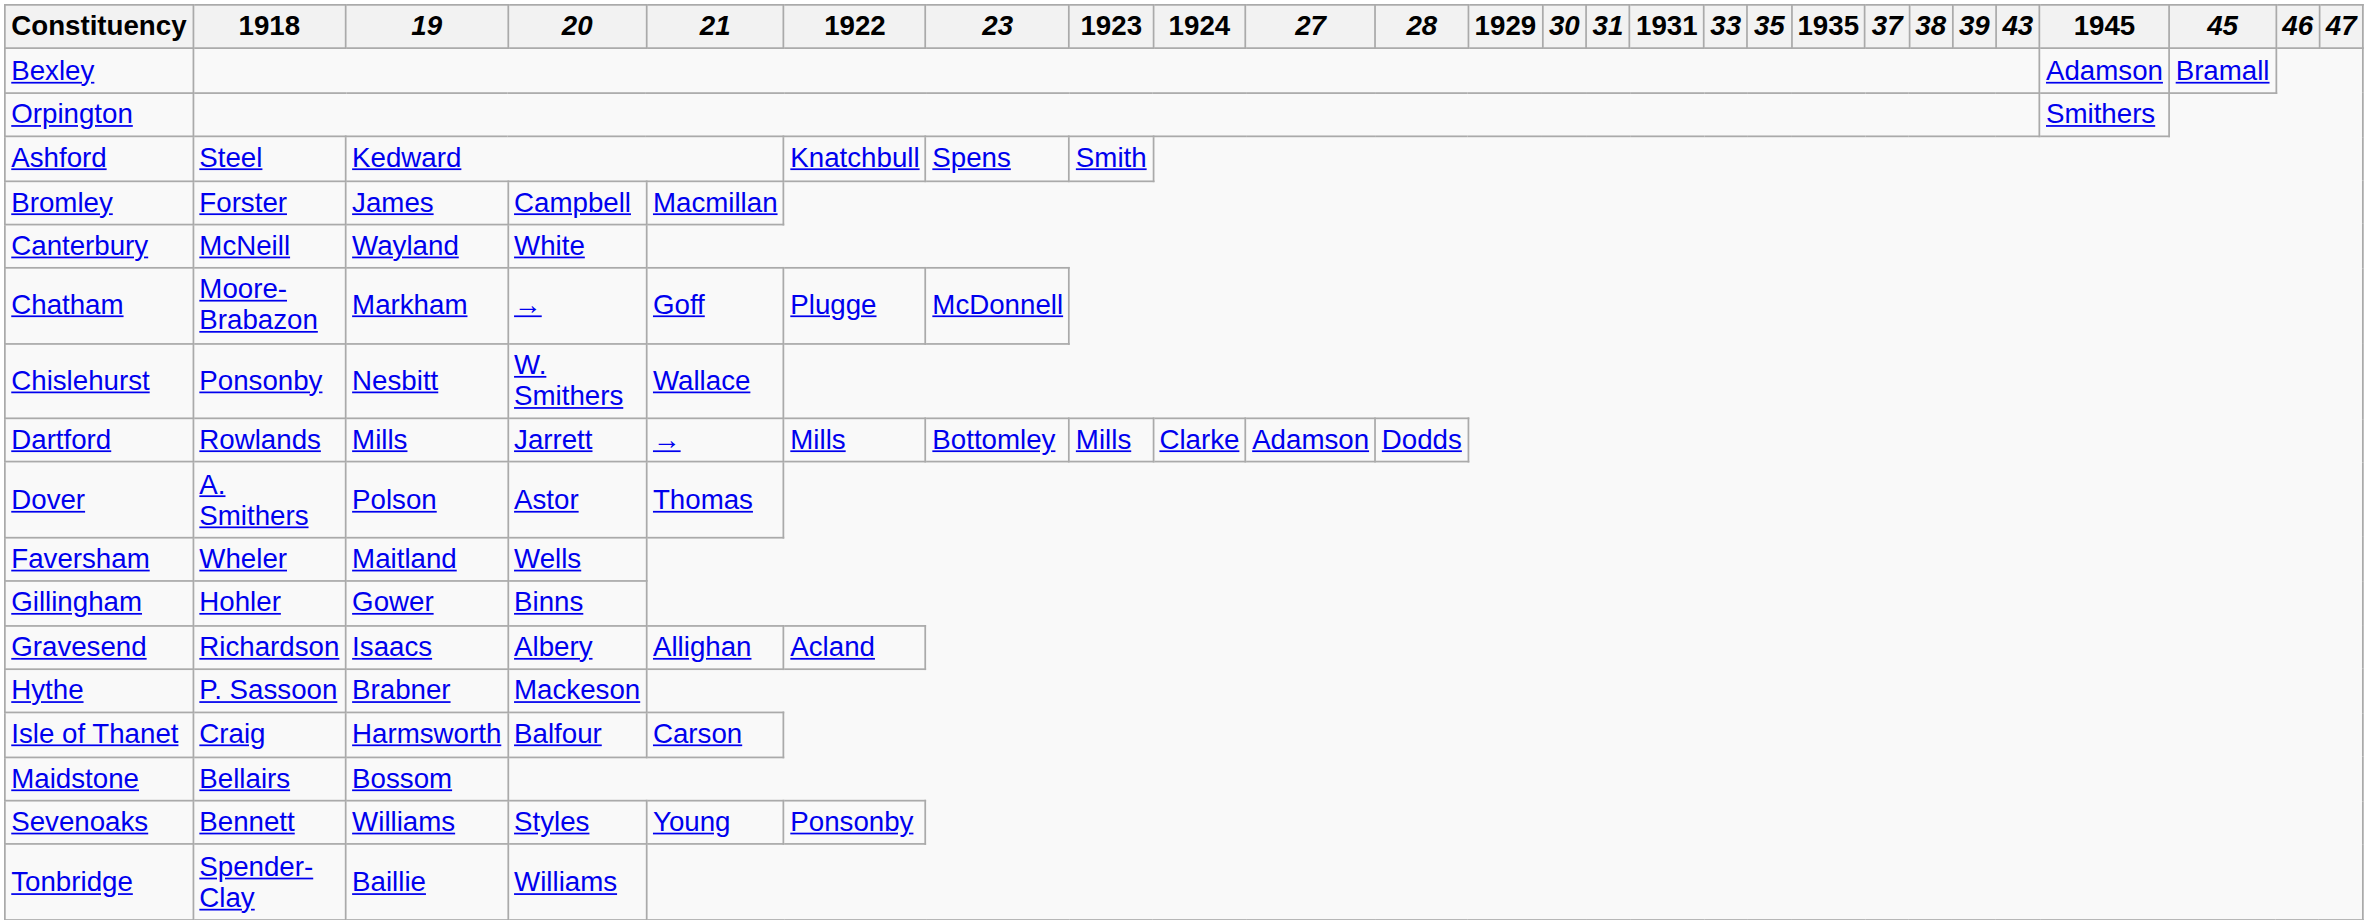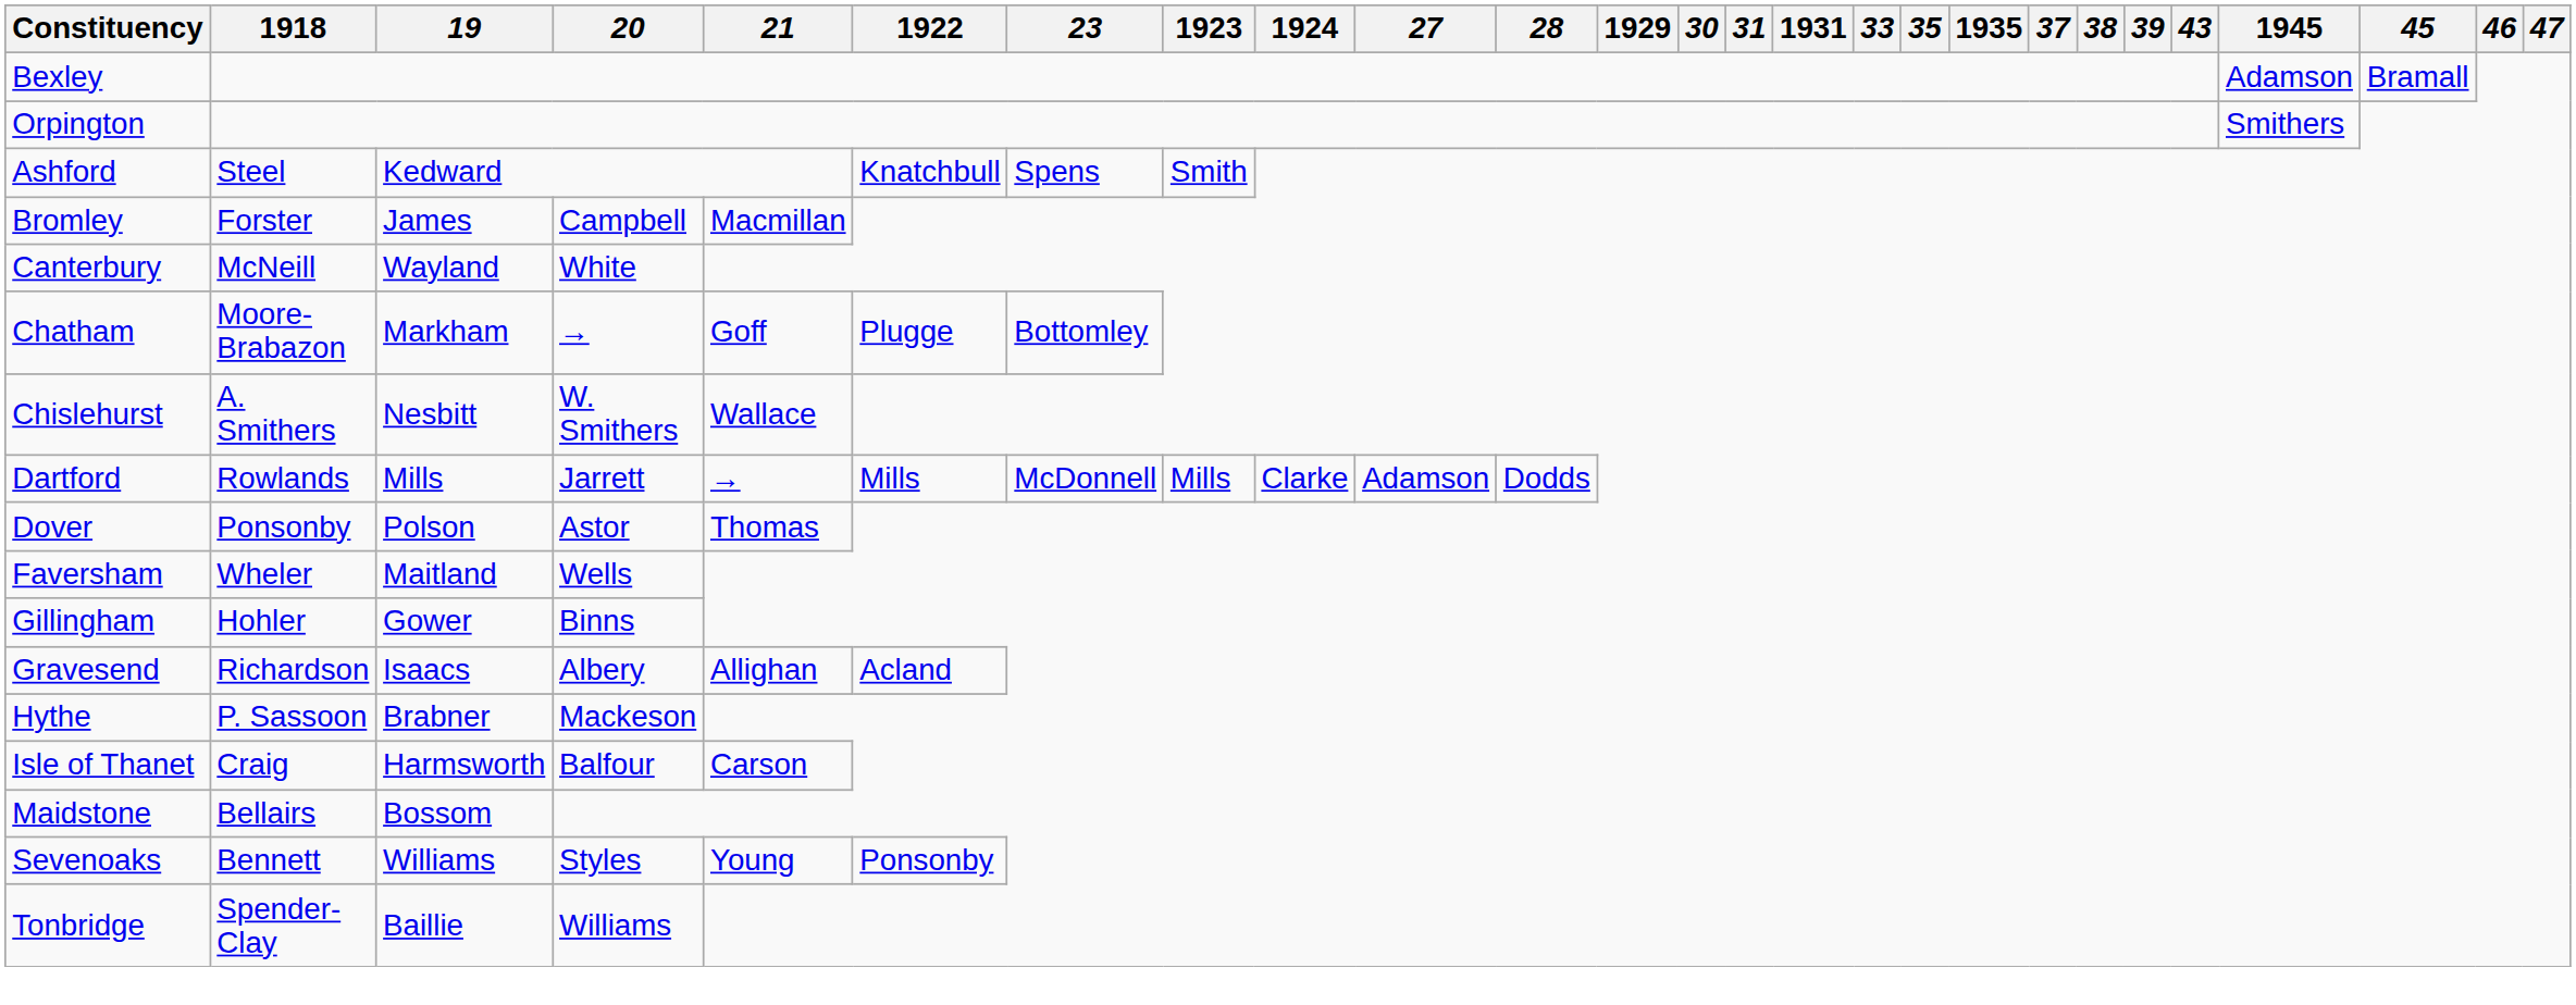 <table class="wikitable">
 <tr>
 <th>Constituency</th>
 <th>1918</th>
 <th><em>19</em></th>
 <th><em>20</em></th>
 <th><em>21</em></th>
 <th>1922</th>
 <th><em>23</em></th>
 <th>1923</th>
 <th>1924</th>
 <th><em>27</em></th>
 <th><em>28</em></th>
 <th>1929</th>
 <th><em>30</em></th>
 <th><em>31</em></th>
 <th>1931</th>
 <th><em>33</em></th>
 <th><em>35</em></th>
 <th>1935</th>
 <th><em>37</em></th>
 <th><em>38</em></th>
 <th><em>39</em></th>
 <th><em>43</em></th>
 <th>1945</th>
 <th><em>45</em></th>
 <th><em>46</em></th>
 <th><em>47</em></th>
 </tr>
 <tr>
 <td><a href='#'>Bexley</a></td>
 <td colspan="21"></td>
 <td><a href='#'>Adamson</a></td>
 <td><a href='#'>Bramall</a></td>
 </tr>
 <tr>
 <td><a href='#'>Orpington</a></td>
 <td colspan="21"></td>
 <td><a href='#'>Smithers</a></td>
 </tr>
 <tr>
 <td><a href='#'>Ashford</a></td>
 <td><a href='#'>Steel</a></td>
 <td colspan="3"><a href='#'>Kedward</a></td>
 <td><a href='#'>Knatchbull</a></td>
 <td><a href='#'>Spens</a></td>
 <td><a href='#'>Smith</a></td>
 </tr>
 <tr>
 <td><a href='#'>Bromley</a></td>
 <td><a href='#'>Forster</a></td>
 <td><a href='#'>James</a></td>
 <td><a href='#'>Campbell</a></td>
 <td><a href='#'>Macmillan</a></td>
 </tr>
 <tr>
 <td><a href='#'>Canterbury</a></td>
 <td><a href='#'>McNeill</a></td>
 <td><a href='#'>Wayland</a></td>
 <td><a href='#'>White</a></td>
 </tr>
 <tr>
 <td><a href='#'>Chatham</a></td>
 <td><a href='#'>Moore-Brabazon</a></td>
 <td><a href='#'>Markham</a></td>
 <td><a href='#'>→</a></td>
 <td><a href='#'>Goff</a></td>
 <td><a href='#'>Plugge</a></td>
-<td><a href='#'>McDonnell</a></td>
+<td><a href='#'>Bottomley</a></td>
 </tr>
 <tr>
 <td><a href='#'>Chislehurst</a></td>
-<td><a href='#'>Ponsonby</a></td>
+<td><a href='#'>A. Smithers</a></td>
 <td><a href='#'>Nesbitt</a></td>
 <td><a href='#'>W. Smithers</a></td>
 <td><a href='#'>Wallace</a></td>
 </tr>
 <tr>
 <td><a href='#'>Dartford</a></td>
 <td><a href='#'>Rowlands</a></td>
 <td><a href='#'>Mills</a></td>
 <td><a href='#'>Jarrett</a></td>
 <td><a href='#'>→</a></td>
 <td><a href='#'>Mills</a></td>
-<td><a href='#'>Bottomley</a></td>
+<td><a href='#'>McDonnell</a></td>
 <td><a href='#'>Mills</a></td>
 <td><a href='#'>Clarke</a></td>
 <td><a href='#'>Adamson</a></td>
 <td><a href='#'>Dodds</a></td>
 </tr>
 <tr>
 <td><a href='#'>Dover</a></td>
-<td><a href='#'>A. Smithers</a></td>
+<td><a href='#'>Ponsonby</a></td>
 <td><a href='#'>Polson</a></td>
 <td><a href='#'>Astor</a></td>
 <td><a href='#'>Thomas</a></td>
 </tr>
 <tr>
 <td><a href='#'>Faversham</a></td>
 <td><a href='#'>Wheler</a></td>
 <td><a href='#'>Maitland</a></td>
 <td><a href='#'>Wells</a></td>
 </tr>
 <tr>
 <td><a href='#'>Gillingham</a></td>
 <td><a href='#'>Hohler</a></td>
 <td><a href='#'>Gower</a></td>
 <td><a href='#'>Binns</a></td>
 </tr>
 <tr>
 <td><a href='#'>Gravesend</a></td>
 <td><a href='#'>Richardson</a></td>
 <td><a href='#'>Isaacs</a></td>
 <td><a href='#'>Albery</a></td>
 <td><a href='#'>Allighan</a></td>
 <td><a href='#'>Acland</a></td>
 </tr>
 <tr>
 <td><a href='#'>Hythe</a></td>
 <td><a href='#'>P. Sassoon</a></td>
 <td><a href='#'>Brabner</a></td>
 <td><a href='#'>Mackeson</a></td>
 </tr>
 <tr>
 <td><a href='#'>Isle of Thanet</a></td>
 <td><a href='#'>Craig</a></td>
 <td><a href='#'>Harmsworth</a></td>
 <td><a href='#'>Balfour</a></td>
 <td><a href='#'>Carson</a></td>
 </tr>
 <tr>
 <td><a href='#'>Maidstone</a></td>
 <td><a href='#'>Bellairs</a></td>
 <td><a href='#'>Bossom</a></td>
 </tr>
 <tr>
 <td><a href='#'>Sevenoaks</a></td>
 <td><a href='#'>Bennett</a></td>
 <td><a href='#'>Williams</a></td>
 <td><a href='#'>Styles</a></td>
 <td><a href='#'>Young</a></td>
 <td><a href='#'>Ponsonby</a></td>
 </tr>
 <tr>
 <td><a href='#'>Tonbridge</a></td>
 <td><a href='#'>Spender-Clay</a></td>
 <td><a href='#'>Baillie</a></td>
 <td><a href='#'>Williams</a></td>
 </tr>
 </table>
